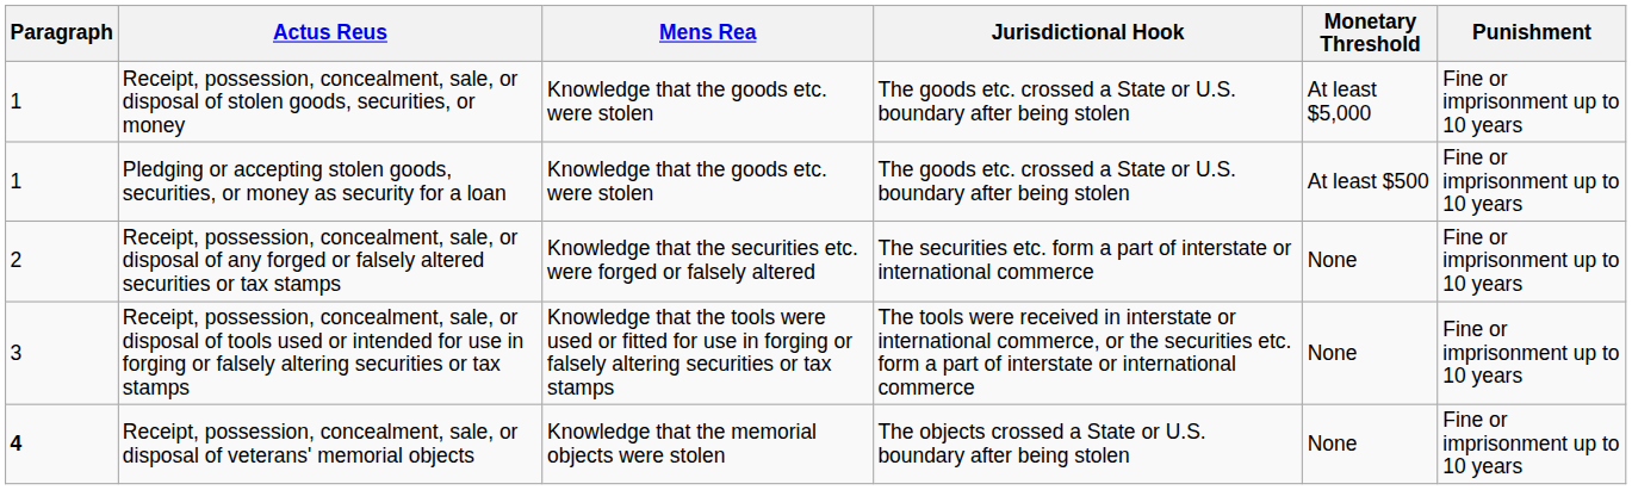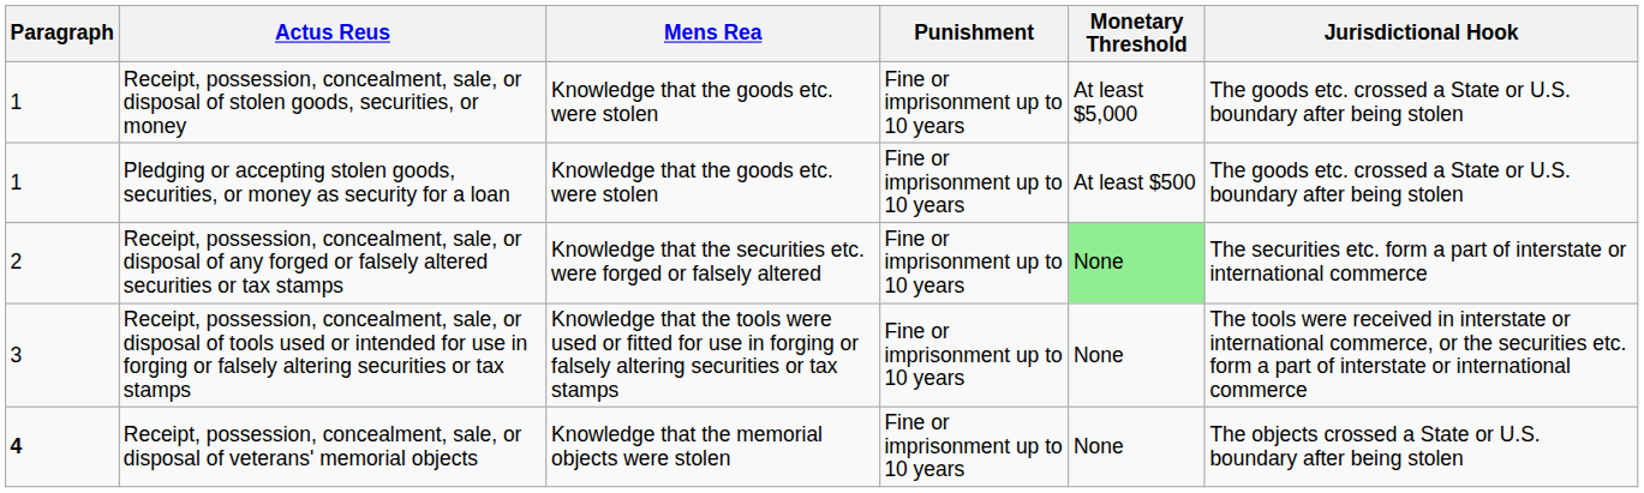 <table class="wikitable">
 <tr>
 <th>Paragraph</th>
 <th><a href='#'>Actus Reus</a></th>
 <th><a href='#'>Mens Rea</a></th>
+<th>Punishment</th>
+<th>Monetary Threshold</th>
 <th>Jurisdictional Hook</th>
-<th>Monetary Threshold</th>
-<th>Punishment</th>
 </tr>
 <tr>
 <td>1</td>
 <td>Receipt, possession, concealment, sale, or disposal of stolen goods, securities, or money</td>
 <td>Knowledge that the goods etc. were stolen</td>
+<td>Fine or imprisonment up to 10 years</td>
+<td>At least $5,000</td>
 <td>The goods etc. crossed a State or U.S. boundary after being stolen</td>
-<td>At least $5,000</td>
-<td>Fine or imprisonment up to 10 years</td>
 </tr>
 <tr>
 <td>1</td>
 <td>Pledging or accepting stolen goods, securities, or money as security for a loan</td>
 <td>Knowledge that the goods etc. were stolen</td>
+<td>Fine or imprisonment up to 10 years</td>
+<td>At least $500</td>
 <td>The goods etc. crossed a State or U.S. boundary after being stolen</td>
-<td>At least $500</td>
-<td>Fine or imprisonment up to 10 years</td>
 </tr>
 <tr>
 <td>2</td>
 <td>Receipt, possession, concealment, sale, or disposal of any forged or falsely altered securities or tax stamps</td>
 <td>Knowledge that the securities etc. were forged or falsely altered</td>
+<td>Fine or imprisonment up to 10 years</td>
+<td style="background: lightgreen;">None</td>
 <td>The securities etc. form a part of interstate or international commerce</td>
-<td>None</td>
-<td>Fine or imprisonment up to 10 years</td>
 </tr>
 <tr>
 <td>3</td>
 <td>Receipt, possession, concealment, sale, or disposal of tools used or intended for use in forging or falsely altering securities or tax stamps</td>
 <td>Knowledge that the tools were used or fitted for use in forging or falsely altering securities or tax stamps</td>
+<td>Fine or imprisonment up to 10 years</td>
+<td>None</td>
 <td>The tools were received in interstate or international commerce, or the securities etc. form a part of interstate or international commerce</td>
-<td>None</td>
-<td>Fine or imprisonment up to 10 years</td>
 </tr>
 <tr>
 <td><strong>4</strong></td>
 <td>Receipt, possession, concealment, sale, or disposal of veterans' memorial objects</td>
 <td>Knowledge that the memorial objects were stolen</td>
+<td>Fine or imprisonment up to 10 years</td>
+<td>None</td>
 <td>The objects crossed a State or U.S. boundary after being stolen</td>
-<td>None</td>
-<td>Fine or imprisonment up to 10 years</td>
 </tr>
 </table>
